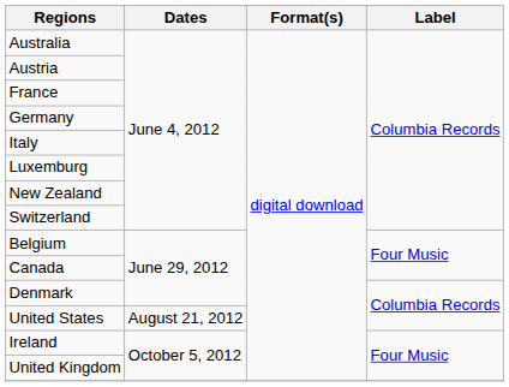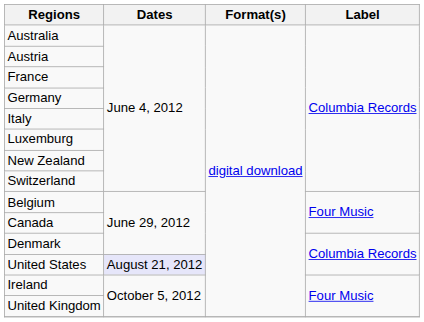 <table class="wikitable plainrowheaders">
 <tr>
 <th scope="col">Regions</th>
 <th scope="col">Dates</th>
 <th scope="col">Format(s)</th>
 <th scope="col">Label</th>
 </tr>
 <tr>
 <td>Australia</td>
 <td rowspan="8">June 4, 2012</td>
 <td rowspan="14"><a href='#'>digital download</a></td>
 <td rowspan="8"><a href='#'>Columbia Records</a></td>
 </tr>
 <tr>
 <td>Austria</td>
 </tr>
 <tr>
 <td>France</td>
 </tr>
 <tr>
 <td>Germany</td>
 </tr>
 <tr>
 <td>Italy</td>
 </tr>
 <tr>
 <td>Luxemburg</td>
 </tr>
 <tr>
 <td>New Zealand</td>
 </tr>
 <tr>
 <td>Switzerland</td>
 </tr>
 <tr>
 <td>Belgium</td>
 <td rowspan="3">June 29, 2012</td>
 <td rowspan="2"><a href='#'>Four Music</a></td>
 </tr>
 <tr>
 <td>Canada</td>
 </tr>
 <tr>
 <td>Denmark</td>
 <td rowspan="2"><a href='#'>Columbia Records</a></td>
 </tr>
 <tr>
 <td>United States</td>
-<td rowspan="1">August 21, 2012</td>
+<td rowspan="1" style="background: lavender;">August 21, 2012</td>
 </tr>
 <tr>
 <td>Ireland</td>
 <td rowspan="2">October 5, 2012</td>
 <td rowspan="2"><a href='#'>Four Music</a></td>
 </tr>
 <tr>
 <td>United Kingdom</td>
 </tr>
 <tr>
 </tr>
 </table>
